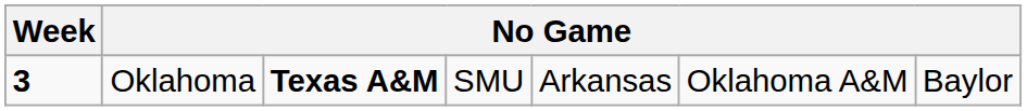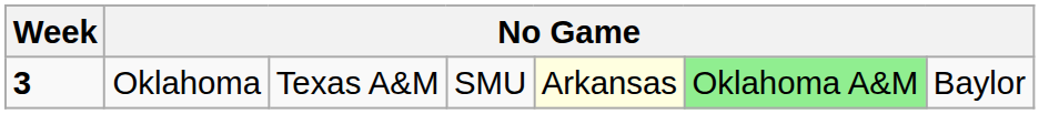 <table class="wikitable" style="font-size:95%">
 <tr>
 <th>Week</th>
 <th colspan="10">No Game</th>
 </tr>
 <tr>
 <td><strong>3</strong></td>
 <td>Oklahoma</td>
-<td><strong>Texas A&M</strong></td>
+<td>Texas A&M</td>
 <td>SMU</td>
-<td>Arkansas</td>
-<td>Oklahoma A&M</td>
+<td style="background: lightyellow;">Arkansas</td>
+<td style="background: lightgreen;">Oklahoma A&M</td>
 <td>Baylor</td>
 </tr>
 </table>
